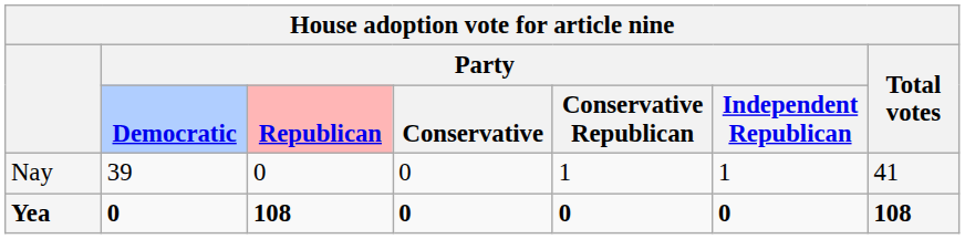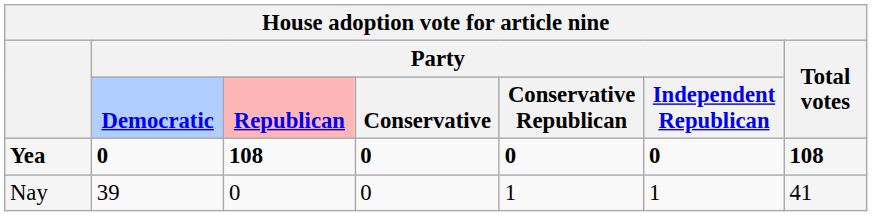 <table class="wikitable">
 <tr>
 <th colspan=7>House adoption vote for article nine</th>
 </tr>
 <tr>
 <th rowspan=2></th>
 <th colspan=5>Party</th>
 <th rowspan=2>Total votes</th>
 </tr>
 <tr style="vertical-align:bottom;">
 <th style="background:#b0ceff;"><a href='#'>Democratic</a></th>
 <th style="background:#ffb6b6;"><a href='#'>Republican</a></th>
 <th>Conservative</th>
 <th>Conservative Republican</th>
 <th><a href='#'>Independent Republican</a></th>
 </tr>
 <tr>
+<td style="width: 10em; background:#F5F5F5"><strong>Yea</strong></td>
+<td style="width: 7em;"><strong>0</strong></td>
+<td style="width: 7em;"><strong>108</strong></td>
+<td style="width: 7em;"><strong>0</strong></td>
+<td style="width: 7em;"><strong>0</strong></td>
+<td style="width: 7em;"><strong>0</strong></td>
+<td style="width: 7em; background:#F5F5F5"><strong>108</strong></td>
+</tr>
+<tr>
 <td style="background:#F5F5F5">Nay</td>
 <td>39</td>
 <td>0</td>
 <td>0</td>
 <td>1</td>
 <td>1</td>
 <td style="background:#F5F5F5">41</td>
 </tr>
-<tr>
-<td style="width: 10em; background:#F5F5F5"><strong>Yea</strong></td>
-<td style="width: 7em;"><strong>0</strong></td>
-<td style="width: 7em;"><strong>108</strong></td>
-<td style="width: 7em;"><strong>0</strong></td>
-<td style="width: 7em;"><strong>0</strong></td>
-<td style="width: 7em;"><strong>0</strong></td>
-<td style="width: 7em; background:#F5F5F5"><strong>108</strong></td>
-</tr>
 </table>
